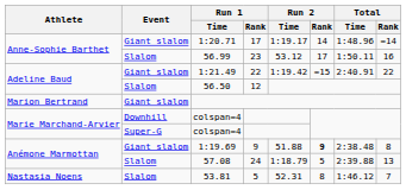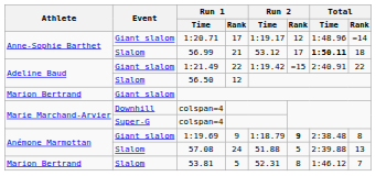 <table class="wikitable" style="font-size:90%">
 <tr>
 <th rowspan=2>Athlete</th>
 <th rowspan=2>Event</th>
 <th colspan=2>Run 1</th>
 <th colspan=2>Run 2</th>
 <th colspan=2>Total</th>
 </tr>
 <tr style="font-size:95%">
 <th>Time</th>
 <th>Rank</th>
 <th>Time</th>
 <th>Rank</th>
 <th>Time</th>
 <th>Rank</th>
 </tr>
 <tr align=center>
 <td align=left rowspan=2><a href='#'>Anne-Sophie Barthet</a></td>
 <td align=left><a href='#'>Giant slalom</a></td>
 <td>1:20.71</td>
 <td>17</td>
 <td>1:19.17</td>
-<td>14</td>
+<td>12</td>
 <td>1:48.96</td>
 <td>=14</td>
 </tr>
 <tr align=center>
 <td align=left><a href='#'>Slalom</a></td>
 <td>56.99</td>
-<td>23</td>
+<td>21</td>
 <td>53.12</td>
 <td>17</td>
-<td>1:50.11</td>
-<td>16</td>
+<td><strong>1:50.11</strong></td>
+<td>18</td>
 </tr>
 <tr align=center>
 <td align=left rowspan=2><a href='#'>Adeline Baud</a></td>
 <td align=left><a href='#'>Giant slalom</a></td>
 <td>1:21.49</td>
 <td>22</td>
 <td>1:19.42</td>
 <td>=15</td>
 <td>2:40.91</td>
 <td>22</td>
 </tr>
 <tr align=center>
 <td align=left><a href='#'>Slalom</a></td>
 <td>56.50</td>
 <td>12</td>
 <td colspan=4></td>
 </tr>
 <tr align=center>
 <td align=left><a href='#'>Marion Bertrand</a></td>
 <td align=left><a href='#'>Giant slalom</a></td>
 <td colspan=6></td>
 </tr>
 <tr align=center>
 <td align=left rowspan=2><a href='#'>Marie Marchand-Arvier</a></td>
 <td align=left><a href='#'>Downhill</a></td>
 <td>colspan=4 </td>
 <td colspan=2></td>
 </tr>
 <tr align=center>
 <td align=left><a href='#'>Super-G</a></td>
 <td>colspan=4 </td>
 <td colspan=2></td>
 </tr>
 <tr align=center>
 <td align=left rowspan=2><a href='#'>Anémone Marmottan</a></td>
 <td align=left><a href='#'>Giant slalom</a></td>
 <td>1:19.69</td>
 <td>9</td>
-<td>51.88</td>
+<td>1:18.79</td>
 <td><strong>9</strong></td>
 <td>2:38.48</td>
 <td>8</td>
 </tr>
 <tr align=center>
 <td align=left><a href='#'>Slalom</a></td>
 <td>57.08</td>
 <td>24</td>
-<td>1:18.79</td>
+<td>51.88</td>
 <td>5</td>
 <td>2:39.88</td>
 <td>13</td>
 </tr>
 <tr align=center>
-<td align=left><a href='#'>Nastasia Noens</a></td>
+<td align=left><a href='#'>Marion Bertrand</a></td>
 <td align=left><a href='#'>Slalom</a></td>
 <td>53.81</td>
 <td>5</td>
 <td>52.31</td>
 <td>8</td>
 <td>1:46.12</td>
 <td>7</td>
 </tr>
 </table>
